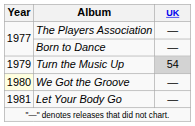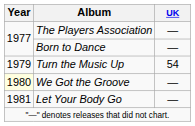 <table class="wikitable">
 <tr>
 <th>Year</th>
 <th>Album</th>
 <th style="width:45px;"><small><a href='#'>UK</a></small><br></th>
 </tr>
 <tr>
 <td rowspan="2">1977</td>
 <td><em>The Players Association</em></td>
 <td align=center>—</td>
 </tr>
 <tr>
 <td><em>Born to Dance</em></td>
 <td align=center>—</td>
 </tr>
 <tr>
 <td>1979</td>
 <td><em>Turn the Music Up</em></td>
-<td align=center style="background: lightgrey;">54</td>
+<td align=center>54</td>
 </tr>
 <tr>
 <td style="background: lightyellow;">1980</td>
 <td><em>We Got the Groove</em></td>
 <td align=center>—</td>
 </tr>
 <tr>
 <td>1981</td>
 <td><em>Let Your Body Go</em></td>
 <td align=center>—</td>
 </tr>
 <tr>
 <td colspan="4" style="text-align:center; font-size:9pt;">"—" denotes releases that did not chart.</td>
 </tr>
 </table>
